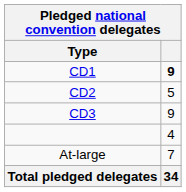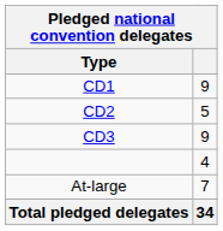 <table class="wikitable sortable" style="font-size:90%;text-align:center;float:none;padding:5px;">
 <tr>
 <th colspan="2">Pledged <a href='#'>national<br>convention</a> delegates</th>
 </tr>
 <tr>
 <th>Type</th>
 <th></th>
 </tr>
 <tr>
 <td><a href='#'>CD1</a></td>
-<td><strong>9</strong></td>
+<td>9</td>
 </tr>
 <tr>
 <td><a href='#'>CD2</a></td>
 <td>5</td>
 </tr>
 <tr>
 <td><a href='#'>CD3</a></td>
 <td>9</td>
 </tr>
 <tr>
 <td></td>
 <td>4</td>
 </tr>
 <tr>
 <td>At-large</td>
 <td>7</td>
 </tr>
 <tr>
 <th>Total pledged delegates</th>
 <th>34</th>
 </tr>
 </table>
